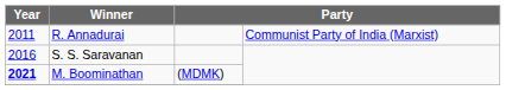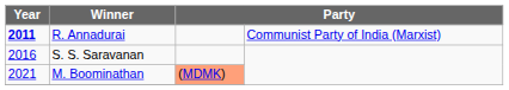 <table class="wikitable sortable" width="50%">
 <tr>
 <th style="background-color:#666666; color:white">Year</th>
 <th style="background-color:#666666; color:white">Winner</th>
 <th style="background-color:#666666; color:white" colspan="2">Party</th>
 </tr>
 <tr>
-<td><a href='#'>2011</a></td>
+<td><strong><a href='#'>2011</a></strong></td>
 <td><a href='#'>R. Annadurai</a></td>
 <td></td>
 <td><a href='#'>Communist Party of India (Marxist)</a></td>
 </tr>
 <tr>
 <td><a href='#'>2016</a></td>
 <td>S. S. Saravanan</td>
 <td></td>
 </tr>
 <tr>
-<td><strong><a href='#'>2021</a></strong></td>
+<td><a href='#'>2021</a></td>
 <td><a href='#'>M. Boominathan</a></td>
-<td> (<a href='#'>MDMK</a>)</td>
+<td style="background: lightsalmon;"> (<a href='#'>MDMK</a>)</td>
 </tr>
 <tr>
 </tr>
 </table>
